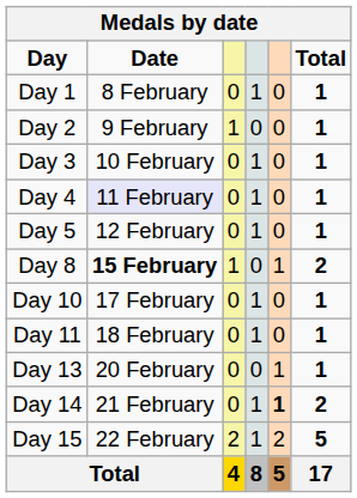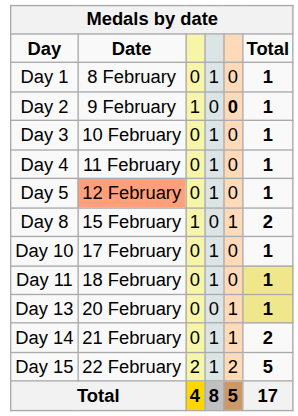 <table class=wikitable style="font-size:85%;float:right;clear:right;">
 <tr bgcolor=efefef>
 <th colspan=6>Medals by date</th>
 </tr>
 <tr align=center>
 <td><strong>Day</strong></td>
 <td><strong>Date</strong></td>
 <td bgcolor=#f7f6a8></td>
 <td bgcolor=#dce5e5></td>
 <td bgcolor=#ffdab9></td>
 <td><strong>Total</strong></td>
 </tr>
 <tr align=center>
 <td>Day 1</td>
 <td>8 February</td>
 <td bgcolor=F7F6A8>0</td>
 <td bgcolor=DCE5E5>1</td>
 <td bgcolor=FFDAB9>0</td>
 <td><strong>1</strong></td>
 </tr>
 <tr align=center>
 <td>Day 2</td>
 <td>9 February</td>
 <td bgcolor=F7F6A8>1</td>
 <td bgcolor=DCE5E5>0</td>
-<td bgcolor=FFDAB9>0</td>
+<td bgcolor=FFDAB9><strong>0</strong></td>
 <td><strong>1</strong></td>
 </tr>
 <tr align=center>
 <td>Day 3</td>
 <td>10 February</td>
 <td bgcolor=F7F6A8>0</td>
 <td bgcolor=DCE5E5>1</td>
 <td bgcolor=FFDAB9>0</td>
 <td><strong>1</strong></td>
 </tr>
 <tr align=center>
 <td>Day 4</td>
-<td style="background: lavender;">11 February</td>
+<td>11 February</td>
 <td bgcolor=F7F6A8>0</td>
 <td bgcolor=DCE5E5>1</td>
 <td bgcolor=FFDAB9>0</td>
 <td><strong>1</strong></td>
 </tr>
 <tr align=center>
 <td>Day 5</td>
-<td>12 February</td>
+<td style="background: lightsalmon;">12 February</td>
 <td bgcolor=F7F6A8>0</td>
 <td bgcolor=DCE5E5>1</td>
 <td bgcolor=FFDAB9>0</td>
 <td><strong>1</strong></td>
 </tr>
 <tr align=center>
 <td>Day 8</td>
-<td><strong>15 February</strong></td>
+<td>15 February</td>
 <td bgcolor=F7F6A8>1</td>
 <td bgcolor=DCE5E5>0</td>
 <td bgcolor=FFDAB9>1</td>
 <td><strong>2</strong></td>
 </tr>
 <tr align=center>
 <td>Day 10</td>
 <td>17 February</td>
 <td bgcolor=F7F6A8>0</td>
 <td bgcolor=DCE5E5>1</td>
 <td bgcolor=FFDAB9>0</td>
 <td><strong>1</strong></td>
 </tr>
 <tr align=center>
 <td>Day 11</td>
 <td>18 February</td>
 <td bgcolor=F7F6A8>0</td>
 <td bgcolor=DCE5E5>1</td>
 <td bgcolor=FFDAB9>0</td>
-<td><strong>1</strong></td>
+<td style="background: khaki;"><strong>1</strong></td>
 </tr>
 <tr align=center>
 <td>Day 13</td>
 <td>20 February</td>
 <td bgcolor=F7F6A8>0</td>
 <td bgcolor=DCE5E5>0</td>
 <td bgcolor=FFDAB9>1</td>
-<td><strong>1</strong></td>
+<td style="background: khaki;"><strong>1</strong></td>
 </tr>
 <tr align=center>
 <td>Day 14</td>
 <td>21 February</td>
 <td bgcolor=F7F6A8>0</td>
 <td bgcolor=DCE5E5>1</td>
-<td bgcolor=FFDAB9><strong>1</strong></td>
+<td bgcolor=FFDAB9>1</td>
 <td><strong>2</strong></td>
 </tr>
 <tr align=center>
 <td>Day 15</td>
 <td>22 February</td>
 <td bgcolor=F7F6A8>2</td>
 <td bgcolor=DCE5E5>1</td>
 <td bgcolor=FFDAB9>2</td>
 <td><strong>5</strong></td>
 </tr>
 <tr>
 <th colspan=2>Total</th>
 <th style="background:gold">4</th>
 <th style="background:silver">8</th>
 <th style="background:#c96">5</th>
 <th>17</th>
 </tr>
 </table>
